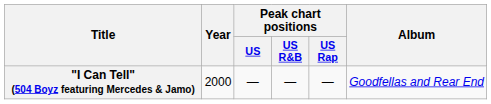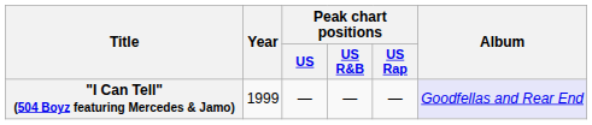 <table class="wikitable plainrowheaders" style="text-align:center;">
 <tr>
 <th scope="col" rowspan="2" style="width:16em;">Title</th>
 <th scope="col" rowspan="2">Year</th>
 <th scope="col" colspan="3">Peak chart positions</th>
 <th scope="col" rowspan="2">Album</th>
 </tr>
 <tr>
 <th style="width:3em; font-size:90%"><a href='#'>US</a></th>
 <th style="width:3em; font-size:90%"><a href='#'>US<br>R&B</a></th>
 <th style="width:3em; font-size:90%"><a href='#'>US<br>Rap</a></th>
 </tr>
 <tr>
 <th scope="row">"I Can Tell"<br><small>(<a href='#'>504 Boyz</a> featuring Mercedes & Jamo)</small></th>
-<td>2000</td>
+<td>1999</td>
 <td>—</td>
 <td>—</td>
 <td>—</td>
-<td><em><a href='#'>Goodfellas and Rear End</a></em></td>
+<td style="background: lavender;"><em><a href='#'>Goodfellas and Rear End</a></em></td>
 </tr>
 </table>
